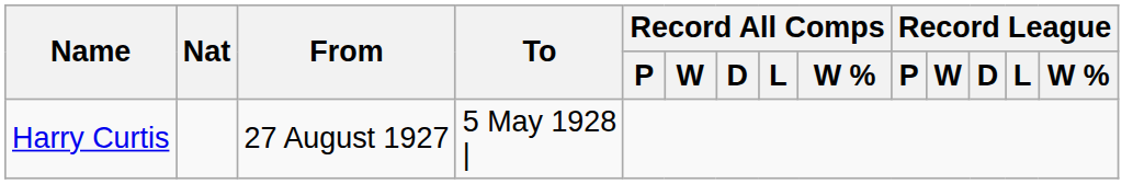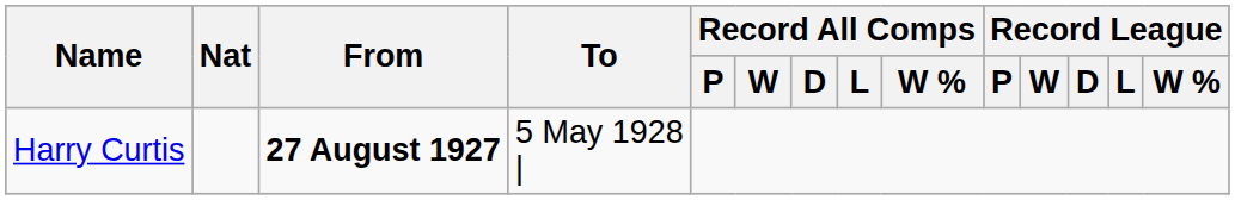 <table class="wikitable" style="text-align: center">
 <tr>
 <th rowspan="2">Name</th>
 <th rowspan="2">Nat</th>
 <th rowspan="2">From</th>
 <th rowspan="2">To</th>
 <th colspan="5">Record All Comps</th>
 <th colspan="5">Record League</th>
 </tr>
 <tr>
 <th>P</th>
 <th>W</th>
 <th>D</th>
 <th>L</th>
 <th>W %</th>
 <th>P</th>
 <th>W</th>
 <th>D</th>
 <th>L</th>
 <th>W %</th>
 </tr>
 <tr>
 <td align=left><a href='#'>Harry Curtis</a></td>
 <td></td>
-<td align=left>27 August 1927</td>
+<td align=left><strong>27 August 1927</strong></td>
 <td align=left>5 May 1928<br>|</td>
 </tr>
 </table>
